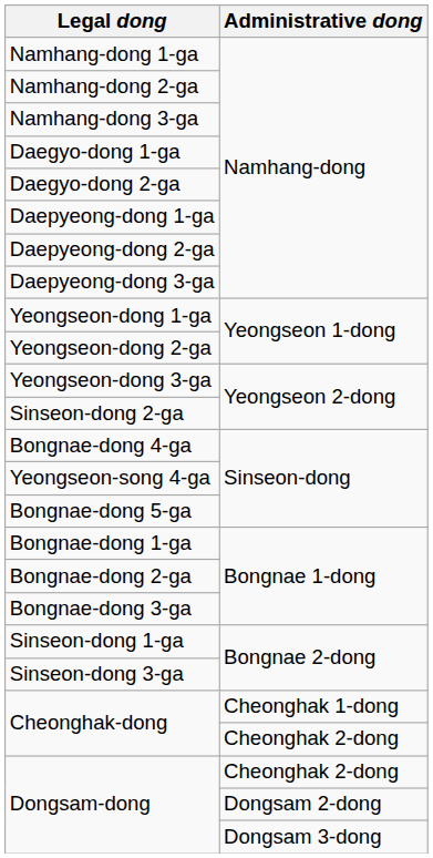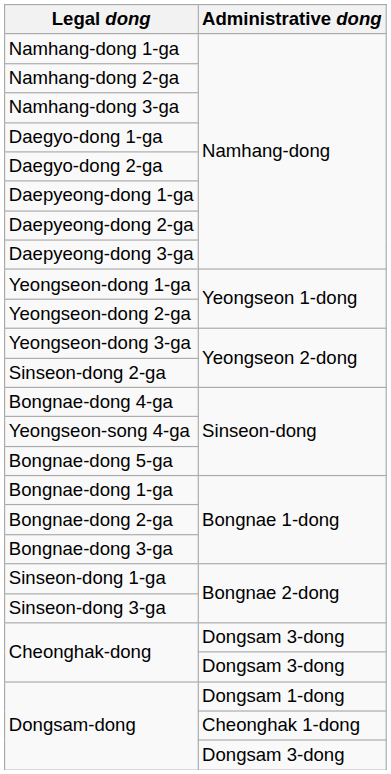 <table class="wikitable">
 <tr>
 <th>Legal <em>dong</em></th>
 <th>Administrative <em>dong</em></th>
 </tr>
 <tr>
 <td>Namhang-dong 1-ga</td>
 <td rowspan="8">Namhang-dong</td>
 </tr>
 <tr>
 <td>Namhang-dong 2-ga</td>
 </tr>
 <tr>
 <td>Namhang-dong 3-ga</td>
 </tr>
 <tr>
 <td>Daegyo-dong 1-ga</td>
 </tr>
 <tr>
 <td>Daegyo-dong 2-ga</td>
 </tr>
 <tr>
 <td>Daepyeong-dong 1-ga</td>
 </tr>
 <tr>
 <td>Daepyeong-dong 2-ga</td>
 </tr>
 <tr>
 <td>Daepyeong-dong 3-ga</td>
 </tr>
 <tr>
 <td>Yeongseon-dong 1-ga</td>
 <td rowspan="2">Yeongseon 1-dong</td>
 </tr>
 <tr>
 <td>Yeongseon-dong 2-ga</td>
 </tr>
 <tr>
 <td>Yeongseon-dong 3-ga</td>
 <td rowspan="2">Yeongseon 2-dong</td>
 </tr>
 <tr>
 <td>Sinseon-dong 2-ga</td>
 </tr>
 <tr>
 <td>Bongnae-dong 4-ga</td>
 <td rowspan="3">Sinseon-dong</td>
 </tr>
 <tr>
 <td>Yeongseon-song 4-ga</td>
 </tr>
 <tr>
 <td>Bongnae-dong 5-ga</td>
 </tr>
 <tr>
 <td>Bongnae-dong 1-ga</td>
 <td rowspan="3">Bongnae 1-dong</td>
 </tr>
 <tr>
 <td>Bongnae-dong 2-ga</td>
 </tr>
 <tr>
 <td>Bongnae-dong 3-ga</td>
 </tr>
 <tr>
 <td>Sinseon-dong 1-ga</td>
 <td rowspan="2">Bongnae 2-dong</td>
 </tr>
 <tr>
 <td>Sinseon-dong 3-ga</td>
 </tr>
 <tr>
 <td rowspan="2">Cheonghak-dong</td>
-<td>Cheonghak 1-dong</td>
+<td>Dongsam 3-dong</td>
 </tr>
 <tr>
-<td>Cheonghak 2-dong</td>
+<td>Dongsam 3-dong</td>
 </tr>
 <tr>
 <td rowspan="3">Dongsam-dong</td>
-<td>Cheonghak 2-dong</td>
+<td>Dongsam 1-dong</td>
 </tr>
 <tr>
-<td>Dongsam 2-dong</td>
+<td>Cheonghak 1-dong</td>
 </tr>
 <tr>
 <td>Dongsam 3-dong</td>
 </tr>
 </table>
